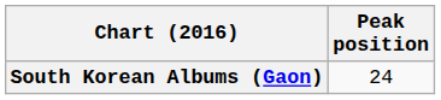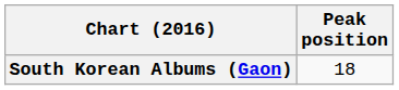 <table class="wikitable plainrowheaders">
 <tr>
 <th>Chart (2016)</th>
 <th>Peak<br>position</th>
 </tr>
 <tr>
 <th scope="row">South Korean Albums (<a href='#'>Gaon</a>)</th>
-<td align="center">24</td>
+<td align="center">18</td>
 </tr>
 </table>
